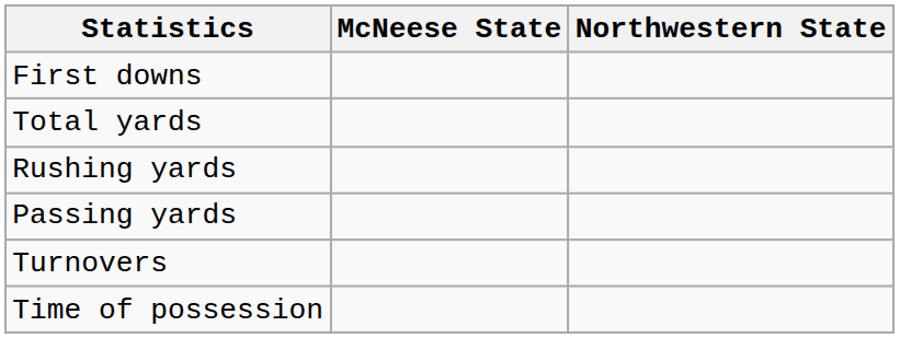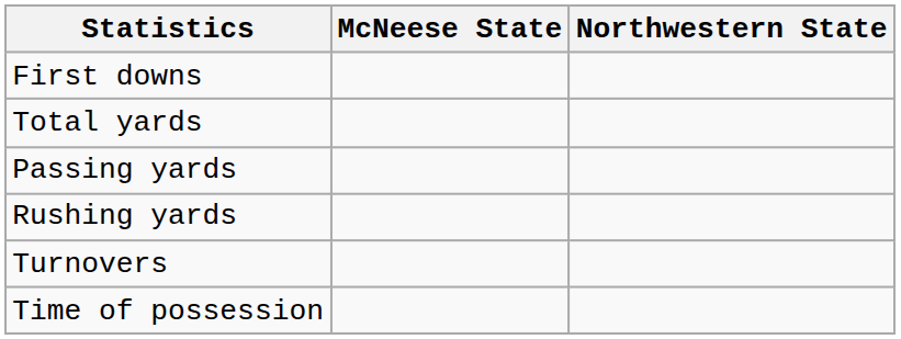 <table class="wikitable">
 <tr>
 <th>Statistics</th>
 <th>McNeese State</th>
 <th>Northwestern State</th>
 </tr>
 <tr>
 <td>First downs</td>
 <td> </td>
 <td> </td>
 </tr>
 <tr>
 <td>Total yards</td>
 <td> </td>
 <td> </td>
 </tr>
 <tr>
-<td>Rushing yards</td>
+<td>Passing yards</td>
 <td> </td>
 <td> </td>
 </tr>
 <tr>
-<td>Passing yards</td>
+<td>Rushing yards</td>
 <td> </td>
 <td> </td>
 </tr>
 <tr>
 <td>Turnovers</td>
 <td> </td>
 <td> </td>
 </tr>
 <tr>
 <td>Time of possession</td>
 <td> </td>
 <td> </td>
 </tr>
 <tr>
 </tr>
 </table>
